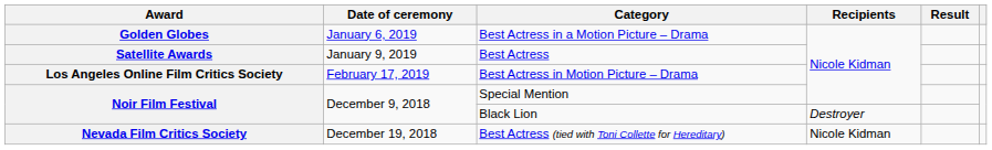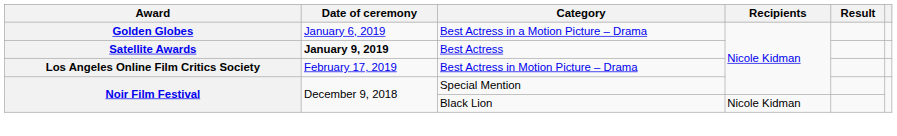 <table class="wikitable plainrowheaders sortable" style="width:99%;">
 <tr style="background:#ccc; text-align:center;">
 <th scope="col">Award</th>
 <th scope="col">Date of ceremony</th>
 <th scope="col">Category</th>
 <th scope="col">Recipients</th>
 <th scope="col">Result</th>
 <th scope="col" class="unsortable"></th>
 </tr>
 <tr>
 <th scope="row"><a href='#'>Golden Globes</a></th>
 <td><a href='#'>January 6, 2019</a></td>
 <td><a href='#'>Best Actress in a Motion Picture – Drama</a></td>
 <td rowspan=4><a href='#'>Nicole Kidman</a></td>
 <td></td>
 <td style="text-align:center;"></td>
 </tr>
 <tr>
 <th scope="row"><a href='#'>Satellite Awards</a></th>
-<td>January 9, 2019</td>
+<td><strong>January 9, 2019</strong></td>
 <td><a href='#'>Best Actress</a></td>
 <td></td>
 <td style="text-align:center;"></td>
 </tr>
 <tr>
 <th scope="row">Los Angeles Online Film Critics Society</th>
 <td><a href='#'>February 17, 2019</a></td>
 <td><a href='#'>Best Actress in Motion Picture – Drama</a></td>
 <td></td>
 <td style="text-align:center;"></td>
 </tr>
 <tr>
 <th scope="row" rowspan="2"><a href='#'>Noir Film Festival</a></th>
 <td rowspan="2">December 9, 2018</td>
 <td>Special Mention</td>
 <td></td>
 <td rowspan="2" style="text-align:center;"></td>
 </tr>
 <tr>
 <td>Black Lion</td>
-<td><em>Destroyer</em></td>
+<td>Nicole Kidman</td>
 <td></td>
 </tr>
-<tr>
-<th scope="row"><a href='#'>Nevada Film Critics Society</a></th>
-<td>December 19, 2018</td>
-<td><a href='#'>Best Actress</a> <small><em>(tied with <a href='#'>Toni Collette</a> for <a href='#'>Hereditary</a>)</em></small></td>
-<td>Nicole Kidman</td>
-<td></td>
-<td style="text-align:center;"></td>
-</tr>
 </table>
